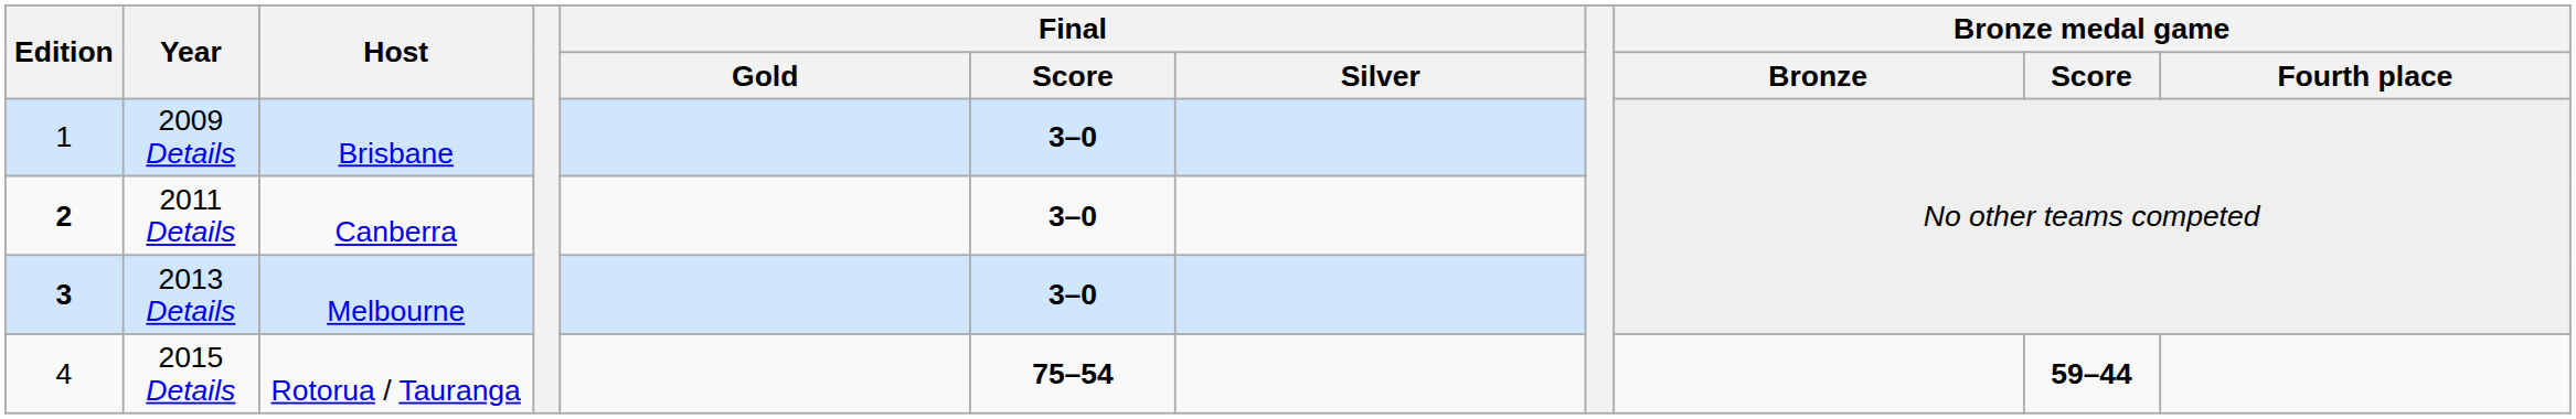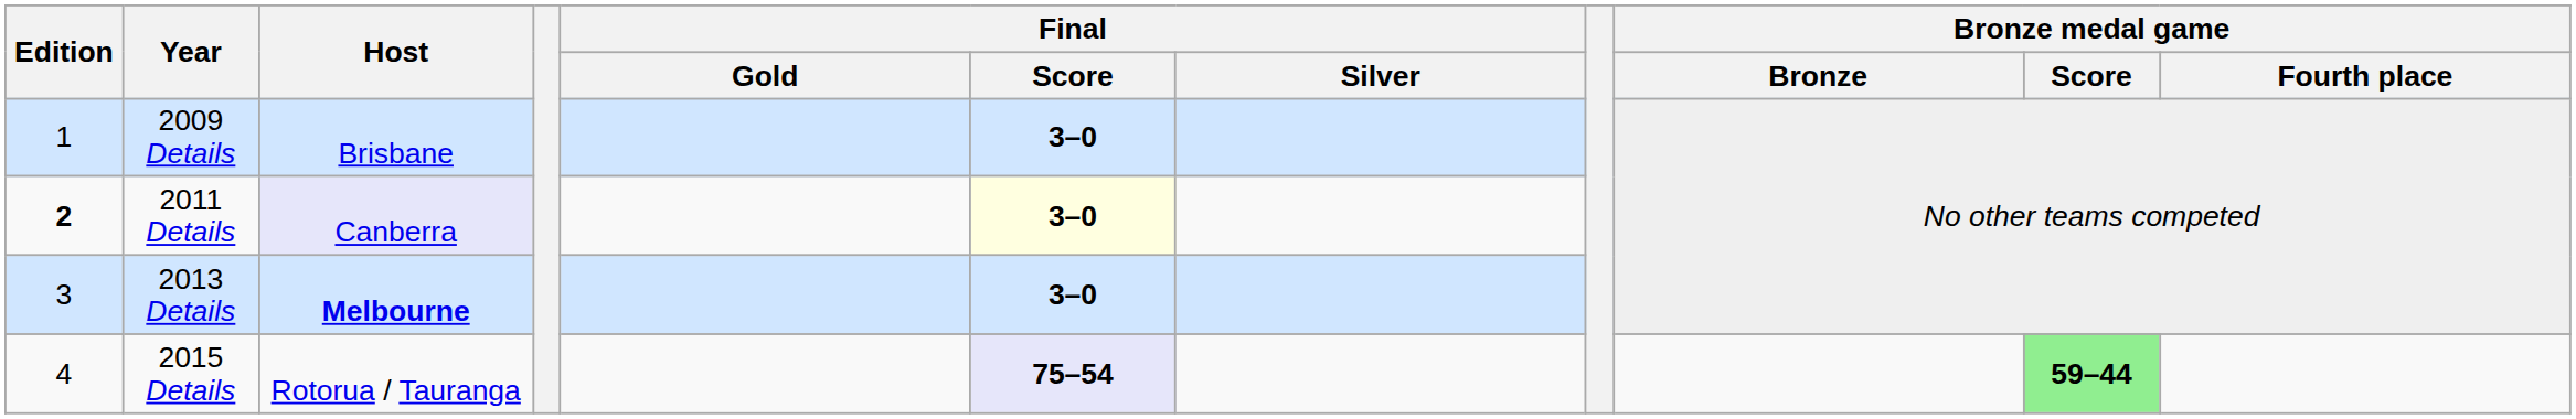 <table class=wikitable style="text-align:center; font-size:90%; width:100%">
 <tr>
 <th rowspan=2 width=2.5%>Edition</th>
 <th rowspan=2 width=5%>Year</th>
 <th rowspan=2 width=10%>Host</th>
 <th width=1% rowspan=6></th>
 <th colspan=3>Final</th>
 <th width=1% rowspan=6></th>
 <th colspan=3>Bronze medal game</th>
 </tr>
 <tr>
 <th width=15%>Gold</th>
 <th width=7.5%>Score</th>
 <th width=15%>Silver</th>
 <th width=15%>Bronze</th>
 <th width=5%>Score</th>
 <th width=15%>Fourth place</th>
 </tr>
 <tr style="background:#D0E6FF;">
 <td>1</td>
 <td>2009<br><em><a href='#'>Details</a></em></td>
 <td> <br> <a href='#'>Brisbane</a></td>
 <td><strong></strong></td>
 <td><strong>3–0</strong></td>
 <td></td>
 <td bgcolor=#efefef rowspan=3 colspan=3><em>No other teams competed</em></td>
 </tr>
 <tr>
 <td><strong>2</strong></td>
 <td>2011<br><em><a href='#'>Details</a></em></td>
-<td> <br> <a href='#'>Canberra</a></td>
+<td style="background: lavender;"> <br> <a href='#'>Canberra</a></td>
 <td><strong></strong></td>
-<td><strong>3–0</strong></td>
+<td style="background: lightyellow;"><strong>3–0</strong></td>
 <td></td>
 </tr>
 <tr style="background:#D0E6FF;">
-<td><strong>3</strong></td>
+<td>3</td>
 <td>2013<br><em><a href='#'>Details</a></em></td>
-<td> <br> <a href='#'>Melbourne</a></td>
+<td><strong> <br> <a href='#'>Melbourne</a></strong></td>
 <td><strong></strong></td>
 <td><strong>3–0</strong></td>
 <td></td>
 </tr>
 <tr>
 <td>4</td>
 <td>2015<br><em><a href='#'>Details</a></em></td>
 <td> <br> <a href='#'>Rotorua</a> / <a href='#'>Tauranga</a></td>
 <td><strong></strong></td>
-<td><strong>75–54</strong></td>
+<td style="background: lavender;"><strong>75–54</strong></td>
 <td></td>
 <td><strong></strong></td>
-<td><strong>59–44</strong></td>
+<td style="background: lightgreen;"><strong>59–44</strong></td>
 <td></td>
 </tr>
 </table>
